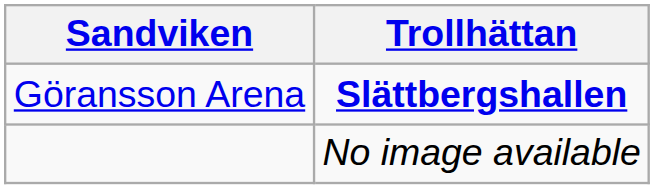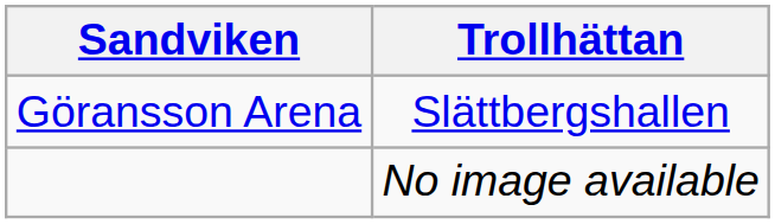 <table class="wikitable" style="text-align:center">
 <tr>
 <th><a href='#'>Sandviken</a></th>
 <th><a href='#'>Trollhättan</a></th>
 </tr>
 <tr>
 <td><a href='#'>Göransson Arena</a></td>
-<td><strong><a href='#'>Slättbergshallen</a></strong></td>
+<td><a href='#'>Slättbergshallen</a></td>
 </tr>
 <tr>
 <td></td>
 <td><em>No image available</em></td>
 </tr>
 </table>
